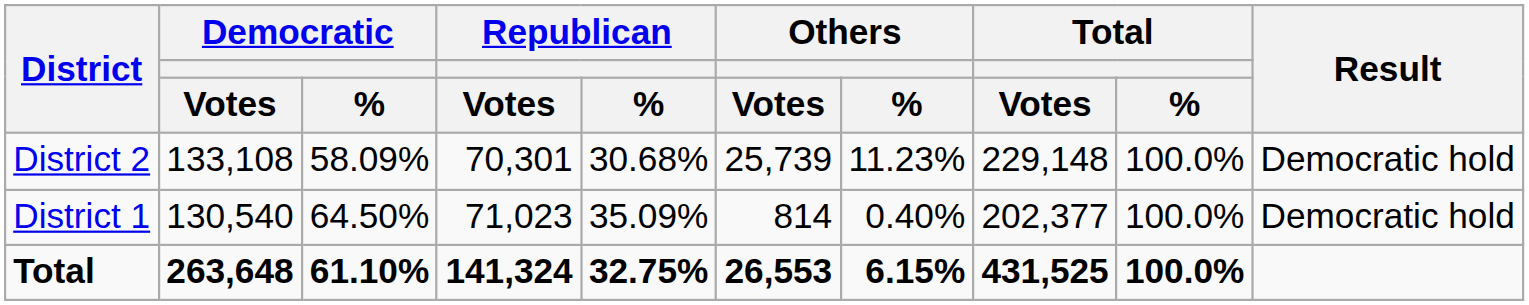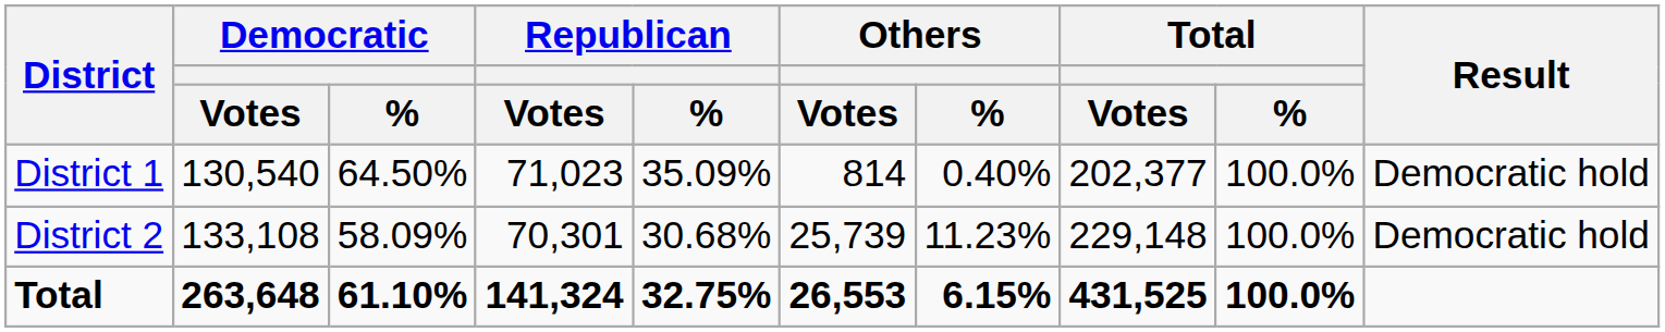 <table class="wikitable plainrowheaders sortable" style="font-size:100%; text-align:right;">
 <tr>
 <th scope=col rowspan=3><a href='#'>District</a></th>
 <th scope=col colspan=2><a href='#'>Democratic</a></th>
 <th scope=col colspan=2><a href='#'>Republican</a></th>
 <th scope=col colspan=2>Others</th>
 <th scope=col colspan=2>Total</th>
 <th scope=col rowspan=3>Result</th>
 </tr>
 <tr>
 <th scope=col colspan=2 style="background:"></th>
 <th scope=col colspan=2 style="background:"></th>
 <th scope=col colspan=2></th>
 <th scope=col colspan=2></th>
 </tr>
 <tr>
 <th scope=col data-sort-type="number">Votes</th>
 <th scope=col data-sort-type="number">%</th>
 <th scope=col data-sort-type="number">Votes</th>
 <th scope=col data-sort-type="number">%</th>
 <th scope=col data-sort-type="number">Votes</th>
 <th scope=col data-sort-type="number">%</th>
 <th scope=col data-sort-type="number">Votes</th>
 <th scope=col data-sort-type="number">%</th>
 </tr>
 <tr>
+<td align=left><a href='#'>District 1</a></td>
+<td>130,540</td>
+<td>64.50%</td>
+<td>71,023</td>
+<td>35.09%</td>
+<td>814</td>
+<td>0.40%</td>
+<td>202,377</td>
+<td>100.0%</td>
+<td align=left>Democratic hold</td>
+</tr>
+<tr>
 <td align=left><a href='#'>District 2</a></td>
 <td>133,108</td>
 <td>58.09%</td>
 <td>70,301</td>
 <td>30.68%</td>
 <td>25,739</td>
 <td>11.23%</td>
 <td>229,148</td>
-<td>100.0%</td>
-<td align=left>Democratic hold</td>
-</tr>
-<tr>
-<td align=left><a href='#'>District 1</a></td>
-<td>130,540</td>
-<td>64.50%</td>
-<td>71,023</td>
-<td>35.09%</td>
-<td>814</td>
-<td>0.40%</td>
-<td>202,377</td>
 <td>100.0%</td>
 <td align=left>Democratic hold</td>
 </tr>
 <tr class="sortbottom" style="font-weight:bold">
 <td align=left>Total</td>
 <td>263,648</td>
 <td>61.10%</td>
 <td>141,324</td>
 <td>32.75%</td>
 <td>26,553</td>
 <td>6.15%</td>
 <td>431,525</td>
 <td>100.0%</td>
 <td></td>
 </tr>
 </table>
